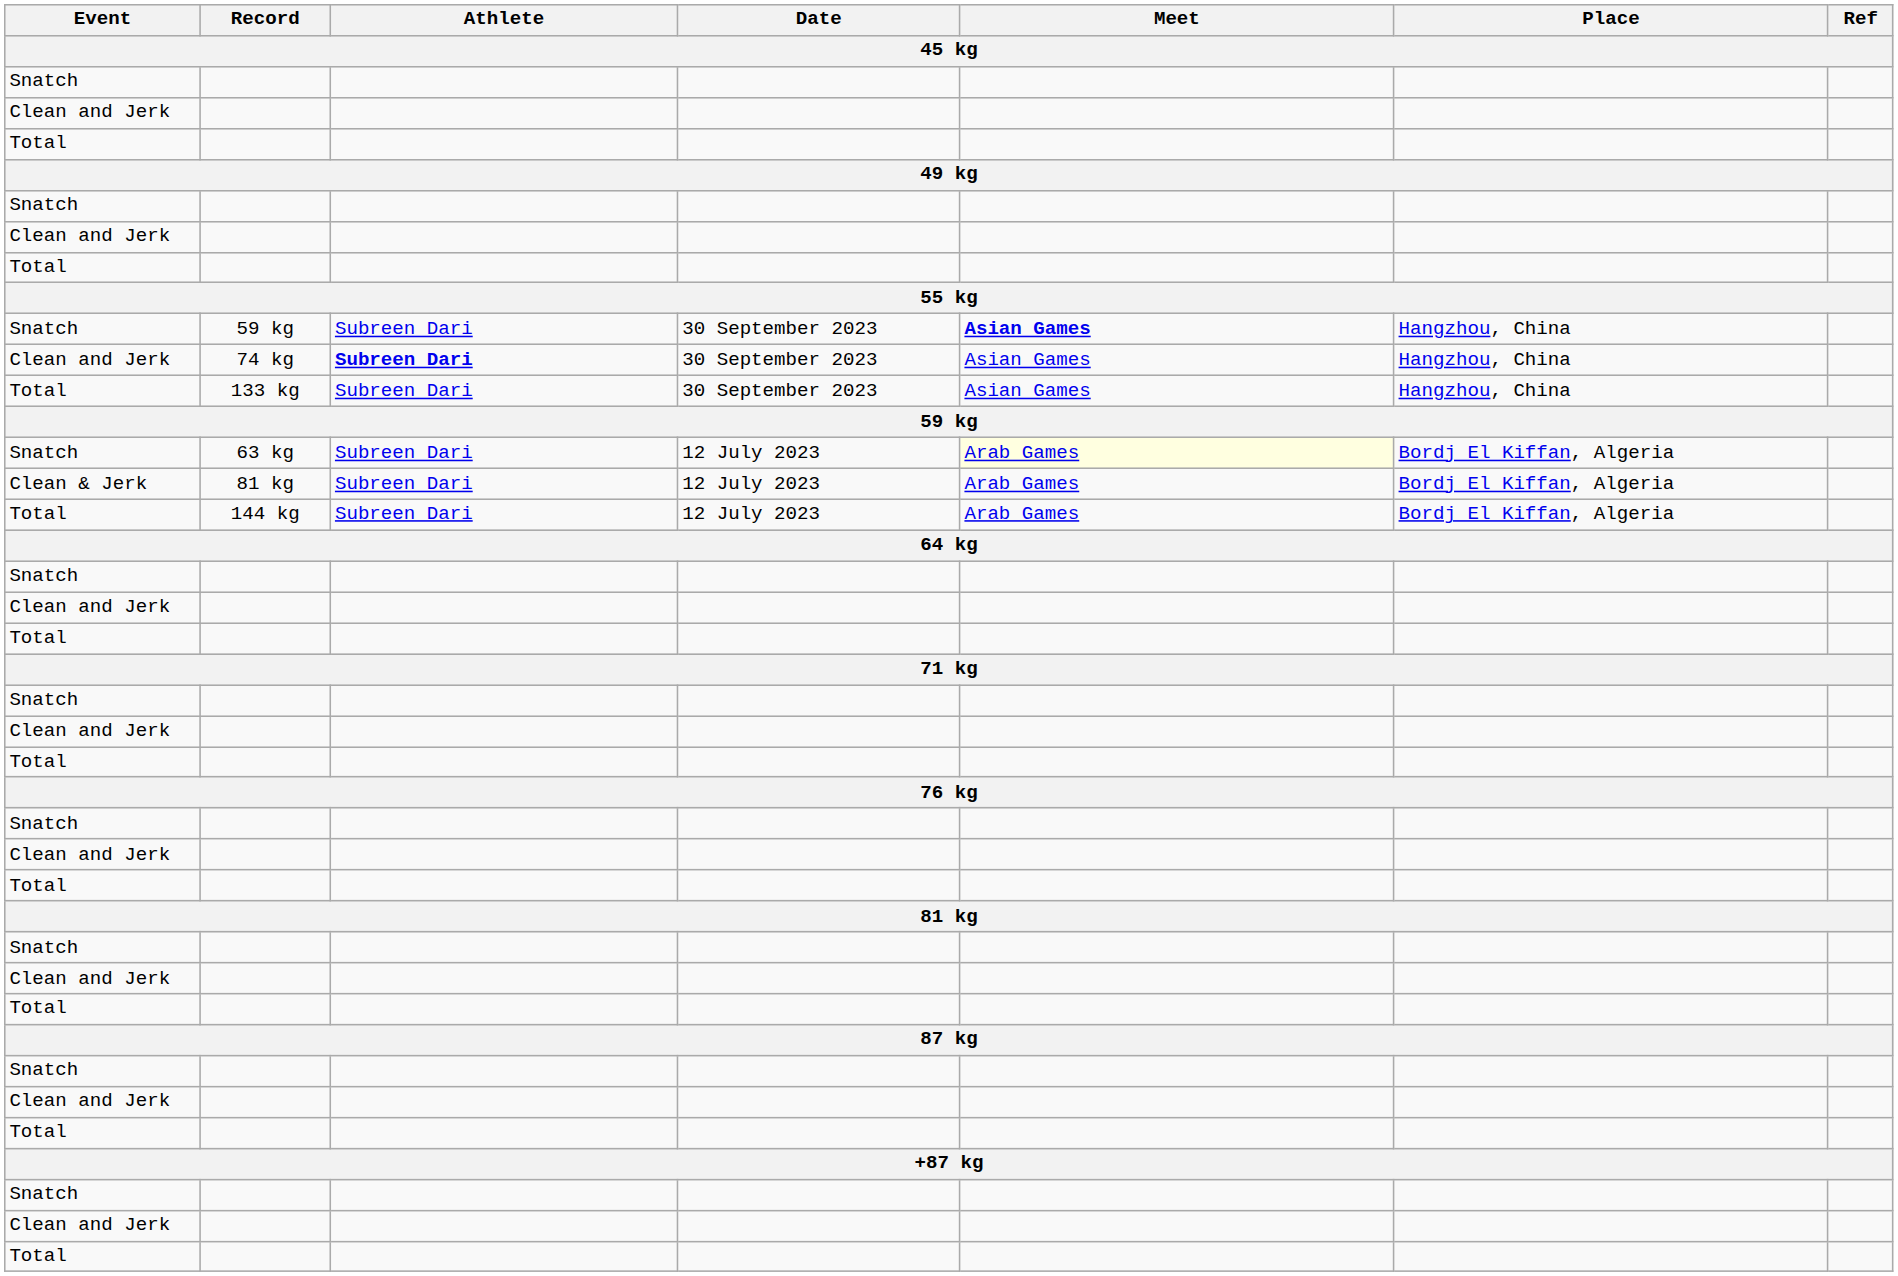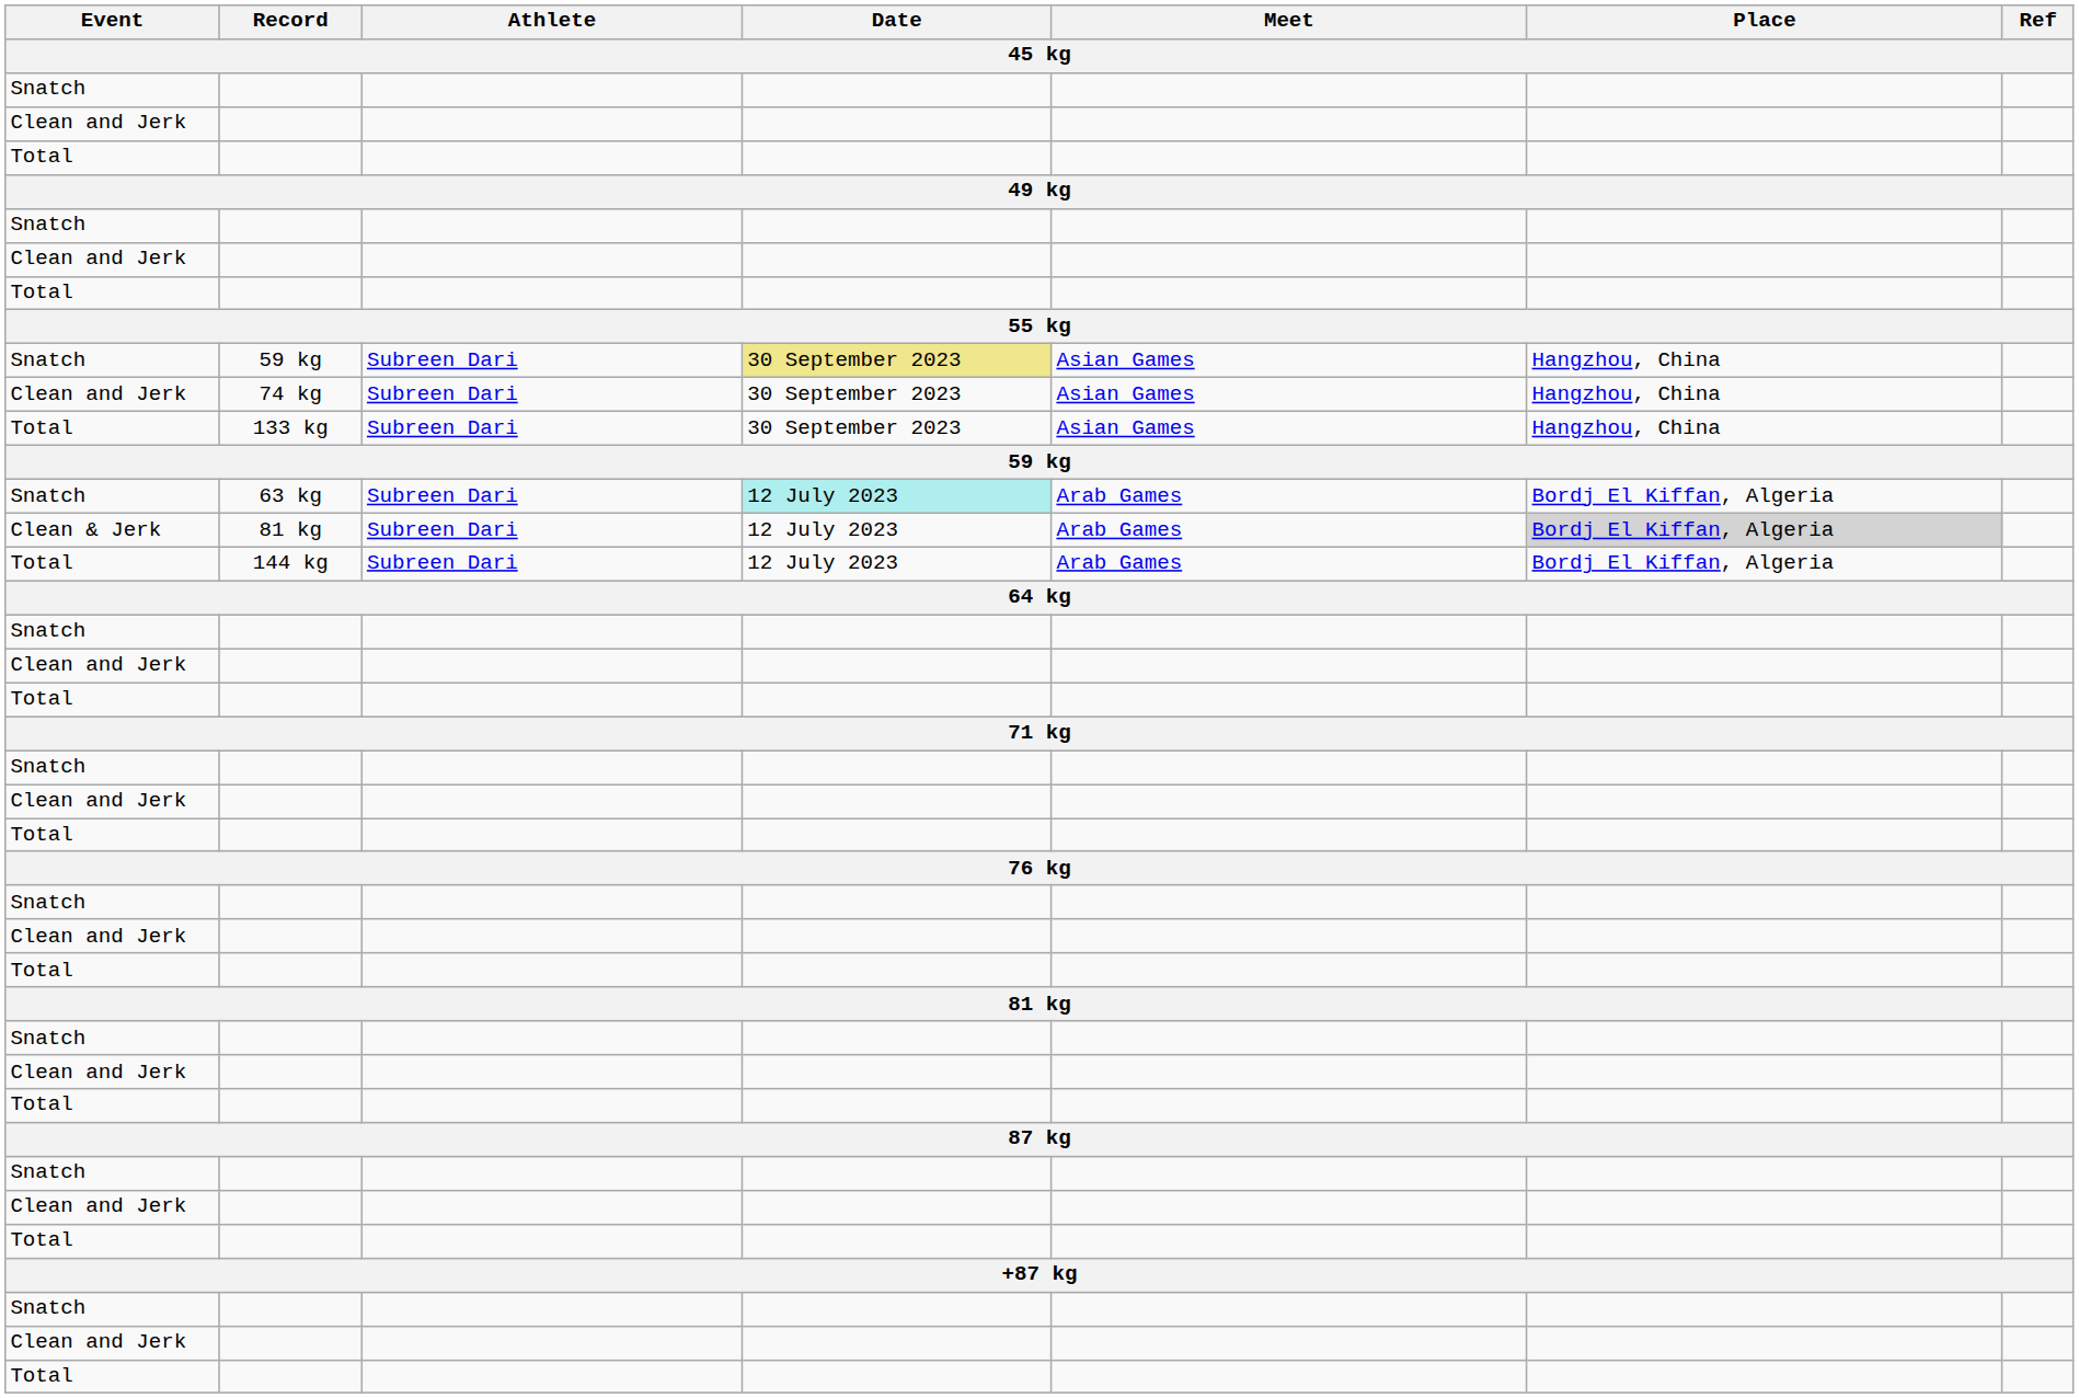 <table class="wikitable" style="font-size:95%;">
 <tr>
 <th width=9%>Event</th>
 <th width=6%>Record</th>
 <th width=16%>Athlete</th>
 <th width=13%>Date</th>
 <th width=20%>Meet</th>
 <th width=20%>Place</th>
 <th width=3%>Ref</th>
 </tr>
 <tr bgcolor="#DDDDDD">
 <th colspan="7">45 kg</th>
 </tr>
 <tr>
 <td>Snatch</td>
 <td align="center"></td>
 <td></td>
 <td></td>
 <td></td>
 <td></td>
 <td></td>
 </tr>
 <tr>
 <td>Clean and Jerk</td>
 <td align="center"></td>
 <td></td>
 <td></td>
 <td></td>
 <td></td>
 <td></td>
 </tr>
 <tr>
 <td>Total</td>
 <td align="center"></td>
 <td></td>
 <td></td>
 <td></td>
 <td></td>
 <td></td>
 </tr>
 <tr bgcolor="#DDDDDD">
 <th colspan="7">49 kg</th>
 </tr>
 <tr>
 <td>Snatch</td>
 <td align="center"></td>
 <td></td>
 <td></td>
 <td></td>
 <td></td>
 <td></td>
 </tr>
 <tr>
 <td>Clean and Jerk</td>
 <td align="center"></td>
 <td></td>
 <td></td>
 <td></td>
 <td></td>
 <td></td>
 </tr>
 <tr>
 <td>Total</td>
 <td align="center"></td>
 <td></td>
 <td></td>
 <td></td>
 <td></td>
 <td></td>
 </tr>
 <tr bgcolor="#DDDDDD">
 <th colspan="7">55 kg</th>
 </tr>
 <tr>
 <td>Snatch</td>
 <td align="center">59 kg</td>
 <td><a href='#'>Subreen Dari</a></td>
-<td>30 September 2023</td>
-<td><strong><a href='#'>Asian Games</a></strong></td>
+<td style="background: khaki;">30 September 2023</td>
+<td><a href='#'>Asian Games</a></td>
 <td><a href='#'>Hangzhou</a>, China</td>
 <td></td>
 </tr>
 <tr>
 <td>Clean and Jerk</td>
 <td align="center">74 kg</td>
-<td><strong><a href='#'>Subreen Dari</a></strong></td>
+<td><a href='#'>Subreen Dari</a></td>
 <td>30 September 2023</td>
 <td><a href='#'>Asian Games</a></td>
 <td><a href='#'>Hangzhou</a>, China</td>
 <td></td>
 </tr>
 <tr>
 <td>Total</td>
 <td align="center">133 kg</td>
 <td><a href='#'>Subreen Dari</a></td>
 <td>30 September 2023</td>
 <td><a href='#'>Asian Games</a></td>
 <td><a href='#'>Hangzhou</a>, China</td>
 <td></td>
 </tr>
 <tr bgcolor="#DDDDDD">
 <th colspan="7">59 kg</th>
 </tr>
 <tr>
 <td>Snatch</td>
 <td align="center">63 kg</td>
 <td><a href='#'>Subreen Dari</a></td>
-<td>12 July 2023</td>
-<td style="background: lightyellow;"><a href='#'>Arab Games</a></td>
+<td style="background: paleturquoise;">12 July 2023</td>
+<td><a href='#'>Arab Games</a></td>
 <td><a href='#'>Bordj El Kiffan</a>, Algeria</td>
 <td></td>
 </tr>
 <tr>
 <td>Clean & Jerk</td>
 <td align="center">81 kg</td>
 <td><a href='#'>Subreen Dari</a></td>
 <td>12 July 2023</td>
 <td><a href='#'>Arab Games</a></td>
-<td><a href='#'>Bordj El Kiffan</a>, Algeria</td>
+<td style="background: lightgrey;"><a href='#'>Bordj El Kiffan</a>, Algeria</td>
 <td></td>
 </tr>
 <tr>
 <td>Total</td>
 <td align="center">144 kg</td>
 <td><a href='#'>Subreen Dari</a></td>
 <td>12 July 2023</td>
 <td><a href='#'>Arab Games</a></td>
 <td><a href='#'>Bordj El Kiffan</a>, Algeria</td>
 <td></td>
 </tr>
 <tr bgcolor="#DDDDDD">
 <th colspan="7">64 kg</th>
 </tr>
 <tr>
 <td>Snatch</td>
 <td align="center"></td>
 <td></td>
 <td></td>
 <td></td>
 <td></td>
 <td></td>
 </tr>
 <tr>
 <td>Clean and Jerk</td>
 <td align="center"></td>
 <td></td>
 <td></td>
 <td></td>
 <td></td>
 <td></td>
 </tr>
 <tr>
 <td>Total</td>
 <td align="center"></td>
 <td></td>
 <td></td>
 <td></td>
 <td></td>
 <td></td>
 </tr>
 <tr bgcolor="#DDDDDD">
 <th colspan="7">71 kg</th>
 </tr>
 <tr>
 <td>Snatch</td>
 <td align="center"></td>
 <td></td>
 <td></td>
 <td></td>
 <td></td>
 <td></td>
 </tr>
 <tr>
 <td>Clean and Jerk</td>
 <td align="center"></td>
 <td></td>
 <td></td>
 <td></td>
 <td></td>
 <td></td>
 </tr>
 <tr>
 <td>Total</td>
 <td align="center"></td>
 <td></td>
 <td></td>
 <td></td>
 <td></td>
 <td></td>
 </tr>
 <tr bgcolor="#DDDDDD">
 <th colspan="7">76 kg</th>
 </tr>
 <tr>
 <td>Snatch</td>
 <td align="center"></td>
 <td></td>
 <td></td>
 <td></td>
 <td></td>
 <td></td>
 </tr>
 <tr>
 <td>Clean and Jerk</td>
 <td align="center"></td>
 <td></td>
 <td></td>
 <td></td>
 <td></td>
 <td></td>
 </tr>
 <tr>
 <td>Total</td>
 <td align="center"></td>
 <td></td>
 <td></td>
 <td></td>
 <td></td>
 <td></td>
 </tr>
 <tr bgcolor="#DDDDDD">
 <th colspan="7">81 kg</th>
 </tr>
 <tr>
 <td>Snatch</td>
 <td align="center"></td>
 <td></td>
 <td></td>
 <td></td>
 <td></td>
 <td></td>
 </tr>
 <tr>
 <td>Clean and Jerk</td>
 <td align="center"></td>
 <td></td>
 <td></td>
 <td></td>
 <td></td>
 <td></td>
 </tr>
 <tr>
 <td>Total</td>
 <td align="center"></td>
 <td></td>
 <td></td>
 <td></td>
 <td></td>
 <td></td>
 </tr>
 <tr bgcolor="#DDDDDD">
 <th colspan="7">87 kg</th>
 </tr>
 <tr>
 <td>Snatch</td>
 <td align="center"></td>
 <td></td>
 <td></td>
 <td></td>
 <td></td>
 <td></td>
 </tr>
 <tr>
 <td>Clean and Jerk</td>
 <td align="center"></td>
 <td></td>
 <td></td>
 <td></td>
 <td></td>
 <td></td>
 </tr>
 <tr>
 <td>Total</td>
 <td align="center"></td>
 <td></td>
 <td></td>
 <td></td>
 <td></td>
 <td></td>
 </tr>
 <tr bgcolor="#DDDDDD">
 <th colspan="7">+87 kg</th>
 </tr>
 <tr>
 <td>Snatch</td>
 <td align="center"></td>
 <td></td>
 <td></td>
 <td></td>
 <td></td>
 <td></td>
 </tr>
 <tr>
 <td>Clean and Jerk</td>
 <td align="center"></td>
 <td></td>
 <td></td>
 <td></td>
 <td></td>
 <td></td>
 </tr>
 <tr>
 <td>Total</td>
 <td align="center"></td>
 <td></td>
 <td></td>
 <td></td>
 <td></td>
 <td></td>
 </tr>
 </table>
